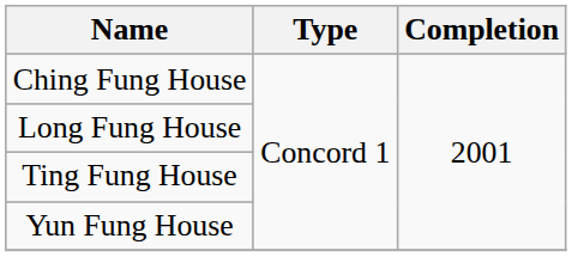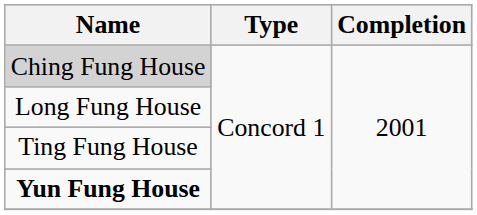 <table class="wikitable" style="text-align: center">
 <tr>
 <th>Name</th>
 <th>Type</th>
 <th>Completion</th>
 </tr>
 <tr>
-<td>Ching Fung House</td>
+<td style="background: lightgrey;">Ching Fung House</td>
 <td rowspan="4">Concord 1</td>
 <td rowspan="4">2001</td>
 </tr>
 <tr>
 <td>Long Fung House</td>
 </tr>
 <tr>
 <td>Ting Fung House</td>
 </tr>
 <tr>
-<td>Yun Fung House</td>
+<td><strong>Yun Fung House</strong></td>
 </tr>
 <tr>
 </tr>
 </table>
